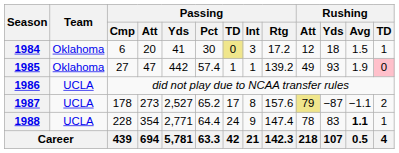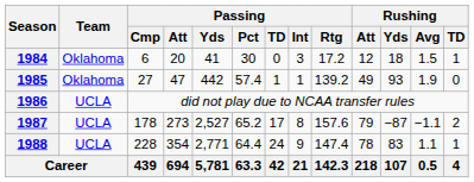 <table class="wikitable" style="text-align:center;">
 <tr>
 <th rowspan="2">Season</th>
 <th rowspan="2">Team</th>
 <th colspan="7">Passing</th>
 <th colspan="4">Rushing</th>
 </tr>
 <tr>
 <th>Cmp</th>
 <th>Att</th>
 <th>Yds</th>
 <th>Pct</th>
 <th>TD</th>
 <th>Int</th>
 <th>Rtg</th>
 <th>Att</th>
 <th>Yds</th>
 <th>Avg</th>
 <th>TD</th>
 </tr>
 <tr>
 <th><a href='#'>1984</a></th>
 <td><a href='#'>Oklahoma</a></td>
 <td>6</td>
 <td>20</td>
 <td>41</td>
 <td>30</td>
-<td style="background: khaki;">0</td>
+<td>0</td>
 <td>3</td>
 <td>17.2</td>
 <td>12</td>
 <td>18</td>
 <td>1.5</td>
 <td>1</td>
 </tr>
 <tr>
 <th><a href='#'>1985</a></th>
 <td><a href='#'>Oklahoma</a></td>
 <td>27</td>
 <td>47</td>
 <td>442</td>
 <td>57.4</td>
 <td>1</td>
 <td>1</td>
 <td>139.2</td>
 <td>49</td>
 <td>93</td>
 <td>1.9</td>
-<td style="background: pink;">0</td>
+<td>0</td>
 </tr>
 <tr>
 <th><a href='#'>1986</a></th>
 <td><a href='#'>UCLA</a></td>
 <td colspan="14"><em>did not play due to NCAA transfer rules</em></td>
 </tr>
 <tr>
 <th><a href='#'>1987</a></th>
 <td><a href='#'>UCLA</a></td>
 <td>178</td>
 <td>273</td>
 <td>2,527</td>
 <td>65.2</td>
 <td>17</td>
 <td>8</td>
 <td>157.6</td>
-<td style="background: khaki;">79</td>
+<td>79</td>
 <td>−87</td>
 <td>−1.1</td>
 <td>2</td>
 </tr>
 <tr>
 <th><a href='#'>1988</a></th>
 <td><a href='#'>UCLA</a></td>
 <td>228</td>
 <td>354</td>
 <td>2,771</td>
 <td>64.4</td>
 <td>24</td>
 <td>9</td>
 <td>147.4</td>
 <td>78</td>
 <td>83</td>
-<td><strong>1.1</strong></td>
+<td>1.1</td>
 <td>1</td>
 </tr>
 <tr>
 <th colspan=2>Career</th>
 <th>439</th>
 <th>694</th>
 <th>5,781</th>
 <th>63.3</th>
 <th>42</th>
 <th>21</th>
 <th>142.3</th>
 <th>218</th>
 <th>107</th>
 <th>0.5</th>
 <th>4</th>
 </tr>
 </table>
